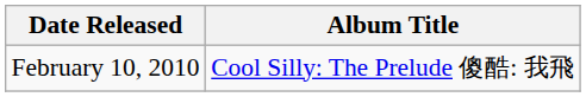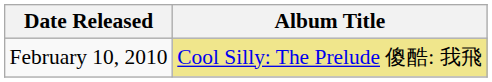 <table class="wikitable" style="text-align:center;">
 <tr>
 <th>Date Released</th>
 <th>Album Title</th>
 </tr>
 <tr>
 <td> February 10, 2010</td>
-<td><a href='#'>Cool Silly: The Prelude</a> 傻酷: 我飛</td>
+<td style="background: khaki;"><a href='#'>Cool Silly: The Prelude</a> 傻酷: 我飛</td>
 </tr>
 </table>
